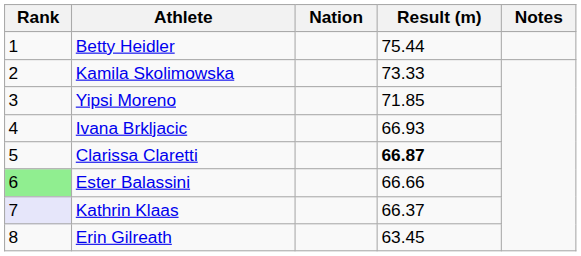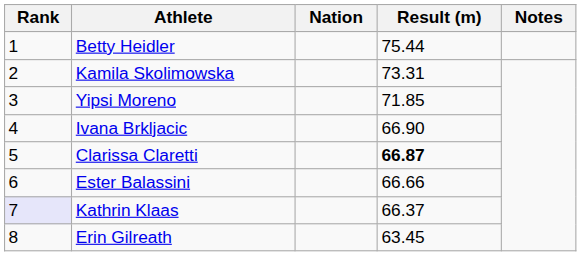 <table class="wikitable" style="text=align:center;" width=85%>
 <tr>
 <th>Rank</th>
 <th>Athlete</th>
 <th>Nation</th>
 <th>Result (m)</th>
 <th>Notes</th>
 </tr>
 <tr>
 <td>1</td>
 <td><a href='#'>Betty Heidler</a></td>
 <td></td>
 <td>75.44</td>
 <td></td>
 </tr>
 <tr>
 <td>2</td>
 <td><a href='#'>Kamila Skolimowska</a></td>
 <td></td>
-<td>73.33</td>
+<td>73.31</td>
 </tr>
 <tr>
 <td>3</td>
 <td><a href='#'>Yipsi Moreno</a></td>
 <td></td>
 <td>71.85</td>
 </tr>
 <tr>
 <td>4</td>
 <td><a href='#'>Ivana Brkljacic</a></td>
 <td></td>
-<td>66.93</td>
+<td>66.90</td>
 </tr>
 <tr>
 <td>5</td>
 <td><a href='#'>Clarissa Claretti</a></td>
 <td></td>
 <td><strong>66.87</strong></td>
 </tr>
 <tr>
-<td style="background: lightgreen;">6</td>
+<td>6</td>
 <td><a href='#'>Ester Balassini</a></td>
 <td></td>
 <td>66.66</td>
 </tr>
 <tr>
 <td style="background: lavender;">7</td>
 <td><a href='#'>Kathrin Klaas</a></td>
 <td></td>
 <td>66.37</td>
 </tr>
 <tr>
 <td>8</td>
 <td><a href='#'>Erin Gilreath</a></td>
 <td></td>
 <td>63.45</td>
 </tr>
 </table>
